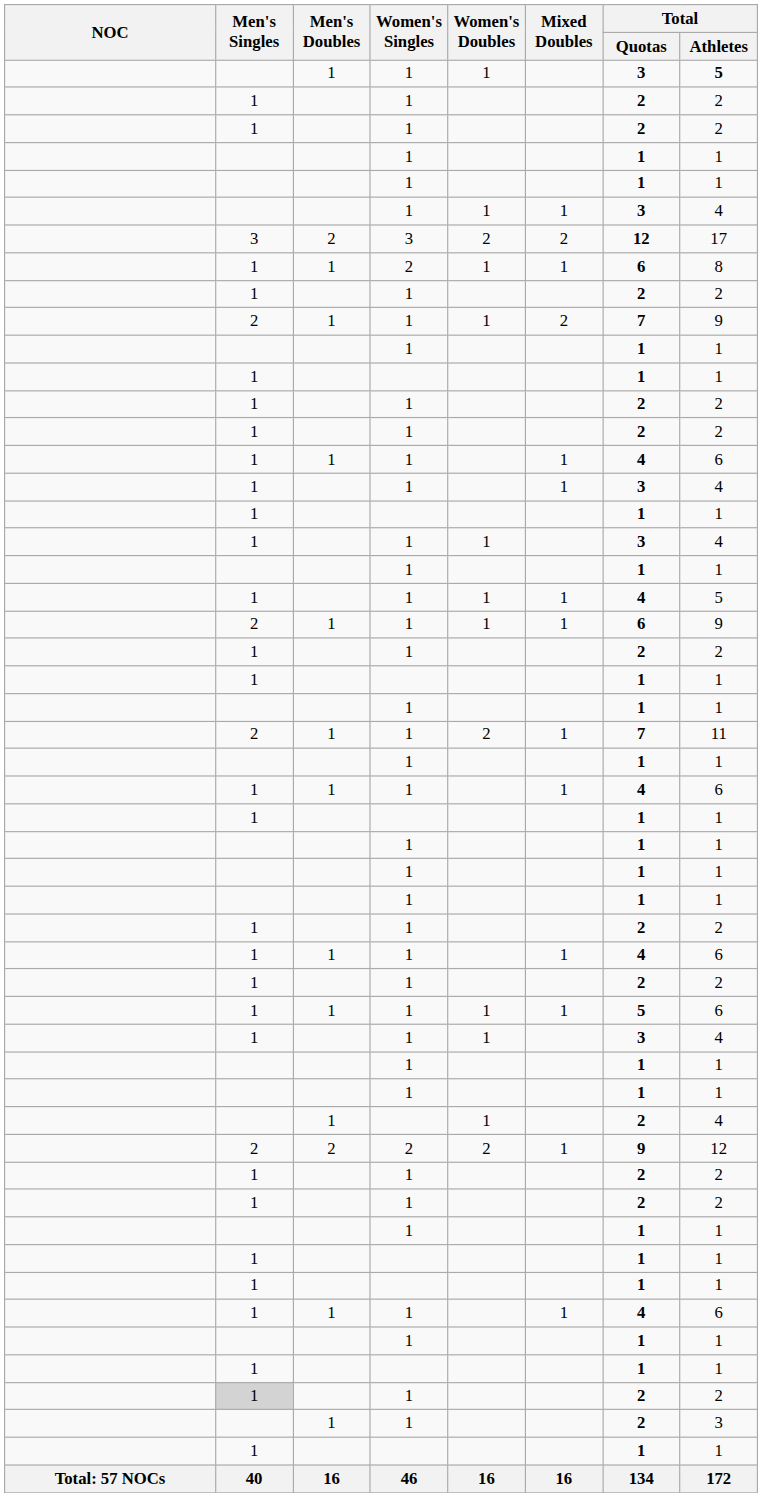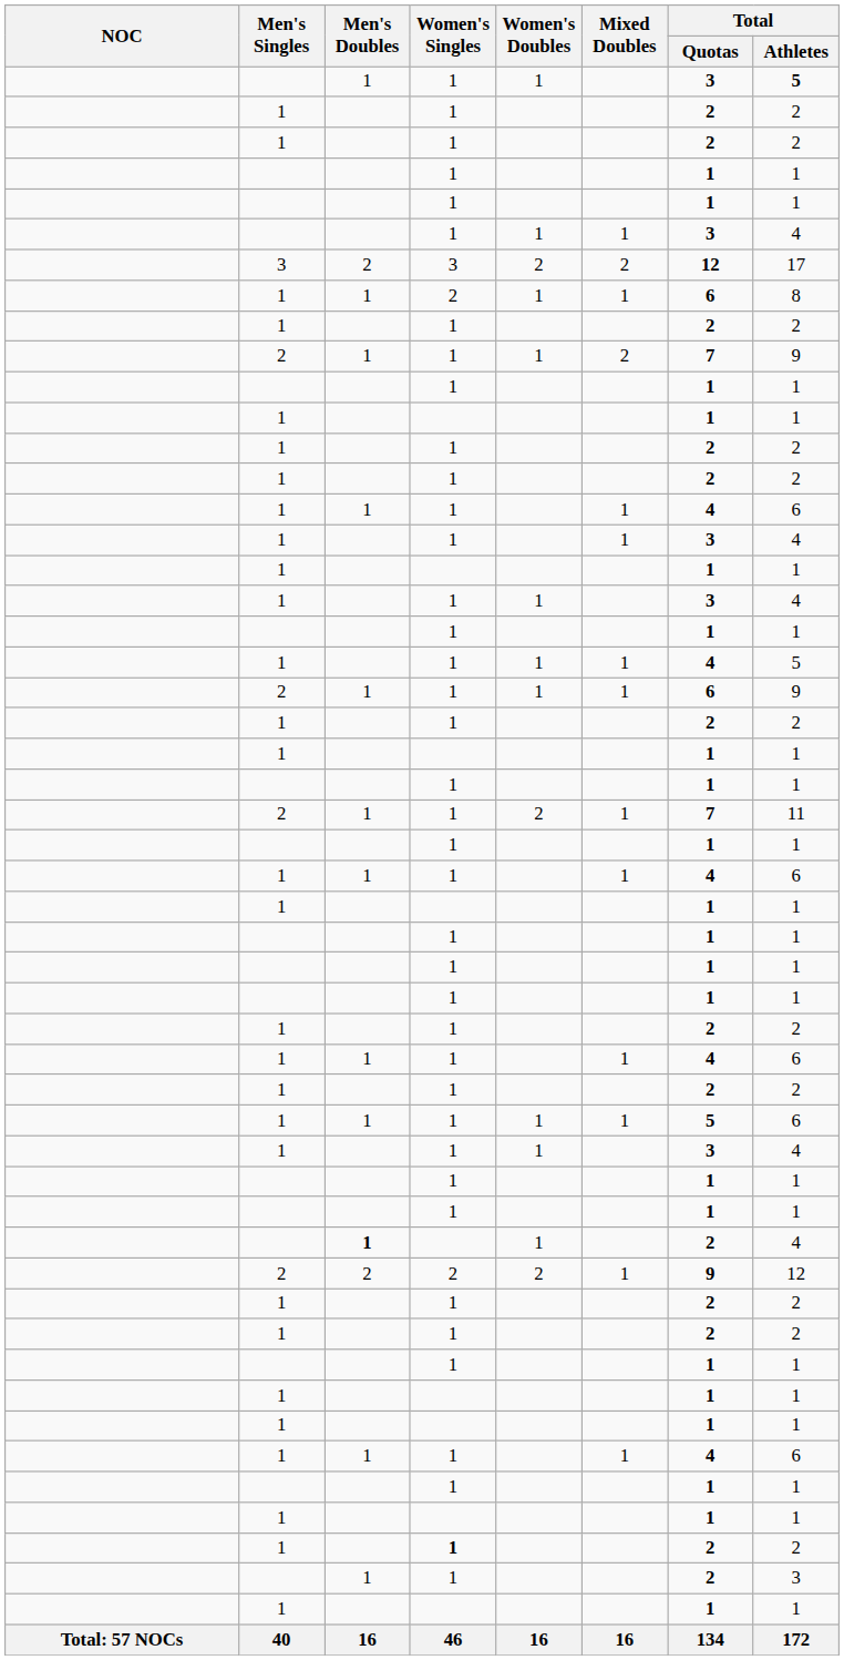 <table class="wikitable" style="text-align:center; font-size:90%">
 <tr>
 <th rowspan="2" width=175>NOC</th>
 <th rowspan="2" width=60>Men's <br>Singles</th>
 <th rowspan="2" width=60>Men's <br>Doubles</th>
 <th rowspan="2" width=60>Women's <br>Singles</th>
 <th rowspan="2" width=60>Women's <br>Doubles</th>
 <th rowspan="2" width=60>Mixed <br>Doubles</th>
 <th colspan="2">Total</th>
 </tr>
 <tr>
 <th width=60>Quotas</th>
 <th width=60>Athletes</th>
 </tr>
 <tr>
 <td align="left"></td>
 <td></td>
 <td>1</td>
 <td>1</td>
 <td>1</td>
 <td></td>
 <td><strong>3</strong></td>
 <td><strong>5</strong></td>
 </tr>
 <tr>
 <td align="left"></td>
 <td>1</td>
 <td></td>
 <td>1</td>
 <td></td>
 <td></td>
 <td><strong>2</strong></td>
 <td>2</td>
 </tr>
 <tr>
 <td align="left"></td>
 <td>1</td>
 <td></td>
 <td>1</td>
 <td></td>
 <td></td>
 <td><strong>2</strong></td>
 <td>2</td>
 </tr>
 <tr>
 <td align="left"></td>
 <td></td>
 <td></td>
 <td>1</td>
 <td></td>
 <td></td>
 <td><strong>1</strong></td>
 <td>1</td>
 </tr>
 <tr>
 <td align="left"></td>
 <td></td>
 <td></td>
 <td>1</td>
 <td></td>
 <td></td>
 <td><strong>1</strong></td>
 <td>1</td>
 </tr>
 <tr>
 <td align="left"></td>
 <td></td>
 <td></td>
 <td>1</td>
 <td>1</td>
 <td>1</td>
 <td><strong>3</strong></td>
 <td>4</td>
 </tr>
 <tr>
 <td align="left"></td>
 <td>3</td>
 <td>2</td>
 <td>3</td>
 <td>2</td>
 <td>2</td>
 <td><strong>12</strong></td>
 <td>17</td>
 </tr>
 <tr>
 <td align="left"></td>
 <td>1</td>
 <td>1</td>
 <td>2</td>
 <td>1</td>
 <td>1</td>
 <td><strong>6</strong></td>
 <td>8</td>
 </tr>
 <tr>
 <td align="left"></td>
 <td>1</td>
 <td></td>
 <td>1</td>
 <td></td>
 <td></td>
 <td><strong>2</strong></td>
 <td>2</td>
 </tr>
 <tr>
 <td align="left"></td>
 <td>2</td>
 <td>1</td>
 <td>1</td>
 <td>1</td>
 <td>2</td>
 <td><strong>7</strong></td>
 <td>9</td>
 </tr>
 <tr>
 <td align="left"></td>
 <td></td>
 <td></td>
 <td>1</td>
 <td></td>
 <td></td>
 <td><strong>1</strong></td>
 <td>1</td>
 </tr>
 <tr>
 <td align="left"></td>
 <td>1</td>
 <td></td>
 <td></td>
 <td></td>
 <td></td>
 <td><strong>1</strong></td>
 <td>1</td>
 </tr>
 <tr>
 <td align="left"></td>
 <td>1</td>
 <td></td>
 <td>1</td>
 <td></td>
 <td></td>
 <td><strong>2</strong></td>
 <td>2</td>
 </tr>
 <tr>
 <td align="left"></td>
 <td>1</td>
 <td></td>
 <td>1</td>
 <td></td>
 <td></td>
 <td><strong>2</strong></td>
 <td>2</td>
 </tr>
 <tr>
 <td align="left"></td>
 <td>1</td>
 <td>1</td>
 <td>1</td>
 <td></td>
 <td>1</td>
 <td><strong>4</strong></td>
 <td>6</td>
 </tr>
 <tr>
 <td align="left"></td>
 <td>1</td>
 <td></td>
 <td>1</td>
 <td></td>
 <td>1</td>
 <td><strong>3</strong></td>
 <td>4</td>
 </tr>
 <tr>
 <td align="left"></td>
 <td>1</td>
 <td></td>
 <td></td>
 <td></td>
 <td></td>
 <td><strong>1</strong></td>
 <td>1</td>
 </tr>
 <tr>
 <td align="left"></td>
 <td>1</td>
 <td></td>
 <td>1</td>
 <td>1</td>
 <td></td>
 <td><strong>3</strong></td>
 <td>4</td>
 </tr>
 <tr>
 <td align="left"></td>
 <td></td>
 <td></td>
 <td>1</td>
 <td></td>
 <td></td>
 <td><strong>1</strong></td>
 <td>1</td>
 </tr>
 <tr>
 <td align="left"></td>
 <td>1</td>
 <td></td>
 <td>1</td>
 <td>1</td>
 <td>1</td>
 <td><strong>4</strong></td>
 <td>5</td>
 </tr>
 <tr>
 <td align="left"></td>
 <td>2</td>
 <td>1</td>
 <td>1</td>
 <td>1</td>
 <td>1</td>
 <td><strong>6</strong></td>
 <td>9</td>
 </tr>
 <tr>
 <td align="left"></td>
 <td>1</td>
 <td></td>
 <td>1</td>
 <td></td>
 <td></td>
 <td><strong>2</strong></td>
 <td>2</td>
 </tr>
 <tr>
 <td align="left"></td>
 <td>1</td>
 <td></td>
 <td></td>
 <td></td>
 <td></td>
 <td><strong>1</strong></td>
 <td>1</td>
 </tr>
 <tr>
 <td align="left"></td>
 <td></td>
 <td></td>
 <td>1</td>
 <td></td>
 <td></td>
 <td><strong>1</strong></td>
 <td>1</td>
 </tr>
 <tr>
 <td align="left"></td>
 <td>2</td>
 <td>1</td>
 <td>1</td>
 <td>2</td>
 <td>1</td>
 <td><strong>7</strong></td>
 <td>11</td>
 </tr>
 <tr>
 <td align="left"></td>
 <td></td>
 <td></td>
 <td>1</td>
 <td></td>
 <td></td>
 <td><strong>1</strong></td>
 <td>1</td>
 </tr>
 <tr>
 <td align="left"></td>
 <td>1</td>
 <td>1</td>
 <td>1</td>
 <td></td>
 <td>1</td>
 <td><strong>4</strong></td>
 <td>6</td>
 </tr>
 <tr>
 <td align="left"></td>
 <td>1</td>
 <td></td>
 <td></td>
 <td></td>
 <td></td>
 <td><strong>1</strong></td>
 <td>1</td>
 </tr>
 <tr>
 <td align="left"></td>
 <td></td>
 <td></td>
 <td>1</td>
 <td></td>
 <td></td>
 <td><strong>1</strong></td>
 <td>1</td>
 </tr>
 <tr>
 <td align="left"></td>
 <td></td>
 <td></td>
 <td>1</td>
 <td></td>
 <td></td>
 <td><strong>1</strong></td>
 <td>1</td>
 </tr>
 <tr>
 <td align="left"></td>
 <td></td>
 <td></td>
 <td>1</td>
 <td></td>
 <td></td>
 <td><strong>1</strong></td>
 <td>1</td>
 </tr>
 <tr>
 <td align="left"></td>
 <td>1</td>
 <td></td>
 <td>1</td>
 <td></td>
 <td></td>
 <td><strong>2</strong></td>
 <td>2</td>
 </tr>
 <tr>
 <td align="left"></td>
 <td>1</td>
 <td>1</td>
 <td>1</td>
 <td></td>
 <td>1</td>
 <td><strong>4</strong></td>
 <td>6</td>
 </tr>
 <tr>
 <td align="left"></td>
 <td>1</td>
 <td></td>
 <td>1</td>
 <td></td>
 <td></td>
 <td><strong>2</strong></td>
 <td>2</td>
 </tr>
 <tr>
 <td align="left"></td>
 <td>1</td>
 <td>1</td>
 <td>1</td>
 <td>1</td>
 <td>1</td>
 <td><strong>5</strong></td>
 <td>6</td>
 </tr>
 <tr>
 <td align="left"></td>
 <td>1</td>
 <td></td>
 <td>1</td>
 <td>1</td>
 <td></td>
 <td><strong>3</strong></td>
 <td>4</td>
 </tr>
 <tr>
 <td align="left"></td>
 <td></td>
 <td></td>
 <td>1</td>
 <td></td>
 <td></td>
 <td><strong>1</strong></td>
 <td>1</td>
 </tr>
 <tr>
 <td align="left"></td>
 <td></td>
 <td></td>
 <td>1</td>
 <td></td>
 <td></td>
 <td><strong>1</strong></td>
 <td>1</td>
 </tr>
 <tr>
 <td align="left"></td>
 <td></td>
-<td>1</td>
+<td><strong>1</strong></td>
 <td></td>
 <td>1</td>
 <td></td>
 <td><strong>2</strong></td>
 <td>4</td>
 </tr>
 <tr>
 <td align="left"></td>
 <td>2</td>
 <td>2</td>
 <td>2</td>
 <td>2</td>
 <td>1</td>
 <td><strong>9</strong></td>
 <td>12</td>
 </tr>
 <tr>
 <td align="left"></td>
 <td>1</td>
 <td></td>
 <td>1</td>
 <td></td>
 <td></td>
 <td><strong>2</strong></td>
 <td>2</td>
 </tr>
 <tr>
 <td align="left"></td>
 <td>1</td>
 <td></td>
 <td>1</td>
 <td></td>
 <td></td>
 <td><strong>2</strong></td>
 <td>2</td>
 </tr>
 <tr>
 <td align="left"></td>
 <td></td>
 <td></td>
 <td>1</td>
 <td></td>
 <td></td>
 <td><strong>1</strong></td>
 <td>1</td>
 </tr>
 <tr>
 <td align="left"></td>
 <td>1</td>
 <td></td>
 <td></td>
 <td></td>
 <td></td>
 <td><strong>1</strong></td>
 <td>1</td>
 </tr>
 <tr>
 <td align="left"></td>
 <td>1</td>
 <td></td>
 <td></td>
 <td></td>
 <td></td>
 <td><strong>1</strong></td>
 <td>1</td>
 </tr>
 <tr>
 <td align="left"></td>
 <td>1</td>
 <td>1</td>
 <td>1</td>
 <td></td>
 <td>1</td>
 <td><strong>4</strong></td>
 <td>6</td>
 </tr>
 <tr>
 <td align="left"></td>
 <td></td>
 <td></td>
 <td>1</td>
 <td></td>
 <td></td>
 <td><strong>1</strong></td>
 <td>1</td>
 </tr>
 <tr>
 <td align="left"></td>
 <td>1</td>
 <td></td>
 <td></td>
 <td></td>
 <td></td>
 <td><strong>1</strong></td>
 <td>1</td>
 </tr>
 <tr>
 <td align="left"></td>
-<td style="background: lightgrey;">1</td>
+<td>1</td>
 <td></td>
-<td>1</td>
+<td><strong>1</strong></td>
 <td></td>
 <td></td>
 <td><strong>2</strong></td>
 <td>2</td>
 </tr>
 <tr>
 <td align="left"></td>
 <td></td>
 <td>1</td>
 <td>1</td>
 <td></td>
 <td></td>
 <td><strong>2</strong></td>
 <td>3</td>
 </tr>
 <tr>
 <td align="left"></td>
 <td>1</td>
 <td></td>
 <td></td>
 <td></td>
 <td></td>
 <td><strong>1</strong></td>
 <td>1</td>
 </tr>
 <tr>
 <th>Total: 57 NOCs</th>
 <th>40</th>
 <th>16</th>
 <th>46</th>
 <th>16</th>
 <th>16</th>
 <th>134</th>
 <th>172</th>
 </tr>
 </table>
